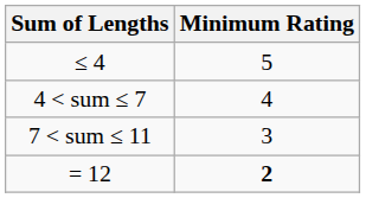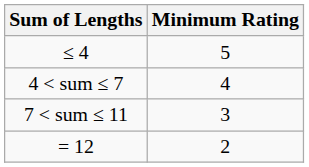 <table class="wikitable">
 <tr>
 <th>Sum of Lengths</th>
 <th>Minimum Rating</th>
 </tr>
 <tr>
 <td align="center">≤ 4</td>
 <td align="center">5</td>
 </tr>
 <tr>
 <td align="center">4 < sum ≤ 7</td>
 <td align="center">4</td>
 </tr>
 <tr>
 <td align="center">7 < sum ≤ 11</td>
 <td align="center">3</td>
 </tr>
 <tr>
 <td align="center">= 12</td>
-<td align="center"><strong>2</strong></td>
+<td align="center">2</td>
 </tr>
 </table>
